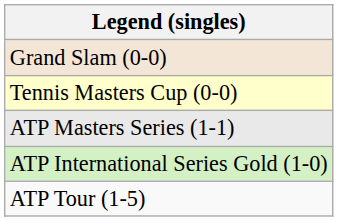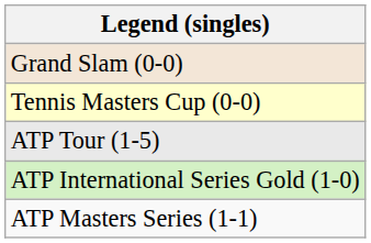 <table class="wikitable sortable">
 <tr>
 <th>Legend (singles)</th>
 </tr>
 <tr style="background:#f3e6d7;">
 <td>Grand Slam (0-0)</td>
 </tr>
 <tr style="background:#ffc;">
 <td>Tennis Masters Cup (0-0)</td>
 </tr>
 <tr style="background:#e9e9e9;">
-<td>ATP Masters Series (1-1)</td>
+<td>ATP Tour (1-5)</td>
 </tr>
 <tr style="background:#d4f1c5;">
 <td>ATP International Series Gold (1-0)</td>
 </tr>
 <tr>
-<td>ATP Tour (1-5)</td>
+<td>ATP Masters Series (1-1)</td>
 </tr>
 </table>
